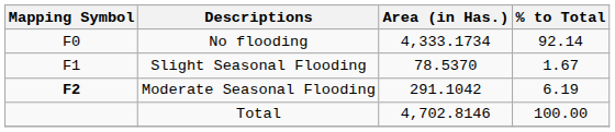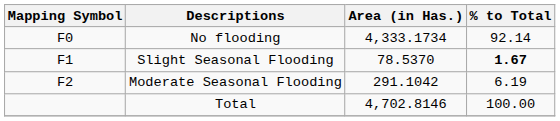 <table class="wikitable" style="text-align:center">
 <tr>
 <th>Mapping Symbol</th>
 <th>Descriptions</th>
 <th>Area (in Has.)</th>
 <th>% to Total</th>
 </tr>
 <tr>
 <td>F0</td>
 <td>No flooding</td>
 <td>4,333.1734</td>
 <td>92.14</td>
 </tr>
 <tr>
 <td>F1</td>
 <td>Slight Seasonal Flooding</td>
 <td>78.5370</td>
-<td>1.67</td>
+<td><strong>1.67</strong></td>
 </tr>
 <tr>
-<td><strong>F2</strong></td>
+<td>F2</td>
 <td>Moderate Seasonal Flooding</td>
 <td>291.1042</td>
 <td>6.19</td>
 </tr>
 <tr>
 <td></td>
 <td>Total</td>
 <td>4,702.8146</td>
 <td>100.00</td>
 </tr>
 <tr>
 </tr>
 </table>
